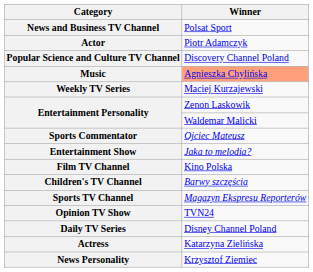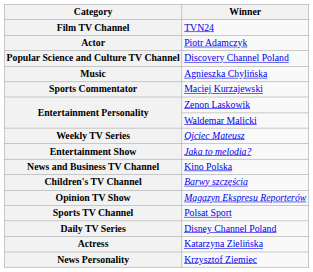 <table class="wikitable">
 <tr>
 <th>Category</th>
 <th>Winner</th>
 </tr>
 <tr>
-<th scope="row">News and Business TV Channel</th>
-<td><a href='#'>Polsat Sport</a></td>
+<th scope="row">Film TV Channel</th>
+<td><a href='#'>TVN24</a></td>
 </tr>
 <tr>
 <th scope="row">Actor</th>
 <td><a href='#'>Piotr Adamczyk</a></td>
 </tr>
 <tr>
 <th scope="row">Popular Science and Culture TV Channel</th>
 <td><a href='#'>Discovery Channel Poland</a></td>
 </tr>
 <tr>
 <th scope="row">Music</th>
-<td style="background: lightsalmon;"><a href='#'>Agnieszka Chylińska</a></td>
+<td><a href='#'>Agnieszka Chylińska</a></td>
 </tr>
 <tr>
-<th scope="row">Weekly TV Series</th>
+<th scope="row">Sports Commentator</th>
 <td><a href='#'>Maciej Kurzajewski</a></td>
 </tr>
 <tr>
 <th scope="row" rowspan="2">Entertainment Personality</th>
 <td><a href='#'>Zenon Laskowik</a></td>
 </tr>
 <tr>
 <td><a href='#'>Waldemar Malicki</a></td>
 </tr>
 <tr>
-<th scope="row">Sports Commentator</th>
+<th scope="row">Weekly TV Series</th>
 <td><em><a href='#'>Ojciec Mateusz</a></em></td>
 </tr>
 <tr>
 <th scope="row">Entertainment Show</th>
 <td><em><a href='#'>Jaka to melodia?</a></em></td>
 </tr>
 <tr>
-<th scope="row">Film TV Channel</th>
+<th scope="row">News and Business TV Channel</th>
 <td><a href='#'>Kino Polska</a></td>
 </tr>
 <tr>
 <th scope="row">Children's TV Channel</th>
 <td><em><a href='#'>Barwy szczęścia</a></em></td>
 </tr>
 <tr>
-<th scope="row">Sports TV Channel</th>
+<th scope="row">Opinion TV Show</th>
 <td><em><a href='#'>Magazyn Ekspresu Reporterów</a></em></td>
 </tr>
 <tr>
-<th scope="row">Opinion TV Show</th>
-<td><a href='#'>TVN24</a></td>
+<th scope="row">Sports TV Channel</th>
+<td><a href='#'>Polsat Sport</a></td>
 </tr>
 <tr>
 <th scope="row">Daily TV Series</th>
 <td><a href='#'>Disney Channel Poland</a></td>
 </tr>
 <tr>
 <th scope="row">Actress</th>
 <td><a href='#'>Katarzyna Zielińska</a></td>
 </tr>
 <tr>
 <th scope="row">News Personality</th>
 <td><a href='#'>Krzysztof Ziemiec</a></td>
 </tr>
 </table>
